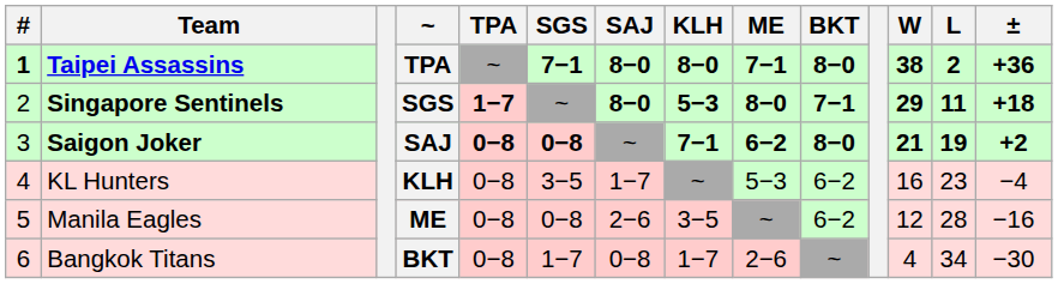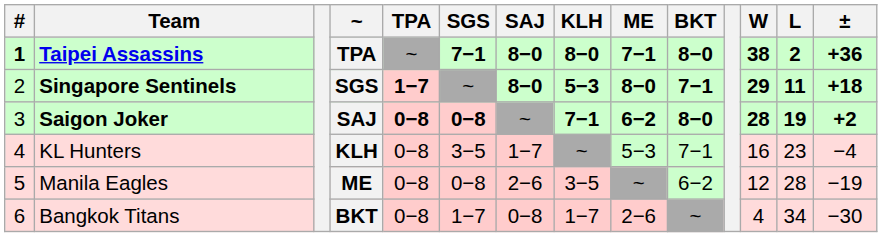 <table class="wikitable" style="font-size: 95%; text-align: center">
 <tr>
 <th width="15">#</th>
 <th style="width:200px;">Team</th>
 <th rowspan="7" style="width:5px;;"></th>
 <th>~</th>
 <th style="width:35px;" title="">TPA</th>
 <th style="width:35px;" title="">SGS</th>
 <th style="width:35px;" title="">SAJ</th>
 <th style="width:35px;" title="">KLH</th>
 <th style="width:35px;" title="">ME</th>
 <th style="width:35px;" title="">BKT</th>
 <th rowspan="7" style="width:5px;;"></th>
 <th style="width:20px;" title="Wins">W</th>
 <th style="width:20px;" title="Losses">L</th>
 <th style="width:40px;">±</th>
 </tr>
 <tr style="background:#cfc;">
 <td><strong>1</strong></td>
 <td style="text-align: left"> <strong><a href='#'>Taipei Assassins</a></strong></td>
 <th>TPA</th>
 <td style="background-color:#aaaaaa">~</td>
 <td style="background-color:#ccffcc"><strong>7−1</strong></td>
 <td style="background-color:#ccffcc"><strong>8−0</strong></td>
 <td style="background-color:#ccffcc"><strong>8−0</strong></td>
 <td style="background-color:#ccffcc"><strong>7−1</strong></td>
 <td style="background-color:#ccffcc"><strong>8−0</strong></td>
 <td><strong>38</strong></td>
 <td><strong>2</strong></td>
 <td><strong>+36</strong></td>
 </tr>
 <tr style="background:#cfc;">
 <td>2</td>
 <td style="text-align: left"> <strong>⁠Singapore Sentinels</strong></td>
 <th>SGS</th>
 <td style="background-color:#ffcccc"><strong>1−7</strong></td>
 <td style="background-color:#aaaaaa">~</td>
 <td style="background-color:#ccffcc"><strong>8−0</strong></td>
 <td style="background-color:#ccffcc"><strong>5−3</strong></td>
 <td style="background-color:#ccffcc"><strong>8−0</strong></td>
 <td style="background-color:#ccffcc"><strong>7−1</strong></td>
 <td><strong>29</strong></td>
 <td><strong>11</strong></td>
 <td><strong>+18</strong></td>
 </tr>
 <tr style="background:#cfc;">
 <td>3</td>
 <td style="text-align: left"> <strong>Saigon Joker</strong></td>
 <th>SAJ</th>
 <td style="background-color:#ffcccc"><strong>0−8</strong></td>
 <td style="background-color:#ffcccc"><strong>0−8</strong></td>
 <td style="background-color:#aaaaaa">~</td>
 <td style="background-color:#ccffcc"><strong>7−1</strong></td>
 <td style="background-color:#ccffcc"><strong>6−2</strong></td>
 <td style="background-color:#ccffcc"><strong>8−0</strong></td>
-<td><strong>21</strong></td>
+<td><strong>28</strong></td>
 <td><strong>19</strong></td>
 <td><strong>+2</strong></td>
 </tr>
 <tr style="background:#ffdbdb;">
 <td>4</td>
 <td style="text-align: left"> ⁠KL Hunters</td>
 <th>KLH</th>
 <td style="background-color:#ffcccc">0−8</td>
 <td style="background-color:#ffcccc">3−5</td>
 <td style="background-color:#ffcccc">1−7</td>
 <td style="background-color:#aaaaaa">~</td>
 <td style="background-color:#ccffcc">5−3</td>
-<td style="background-color:#ccffcc">6−2</td>
+<td style="background-color:#ccffcc">7−1</td>
 <td>16</td>
 <td>23</td>
 <td>−4</td>
 </tr>
 <tr style="background:#ffdbdb;">
 <td>5</td>
 <td style="text-align: left"> Manila Eagles</td>
 <th>ME</th>
 <td style="background-color:#ffcccc">0−8</td>
 <td style="background-color:#ffcccc">0−8</td>
 <td style="background-color:#ffcccc">2−6</td>
 <td style="background-color:#ffcccc">3−5</td>
 <td style="background-color:#aaaaaa">~</td>
 <td style="background-color:#ccffcc">6−2</td>
 <td>12</td>
 <td>28</td>
-<td>−16</td>
+<td>−19</td>
 </tr>
 <tr style="background:#ffdbdb;">
 <td>6</td>
 <td style="text-align: left"> ⁠Bangkok Titans</td>
 <th>BKT</th>
 <td style="background-color:#ffcccc">0−8</td>
 <td style="background-color:#ffcccc">1−7</td>
 <td style="background-color:#ffcccc">0−8</td>
 <td style="background-color:#ffcccc">1−7</td>
 <td style="background-color:#ffcccc">2−6</td>
 <td style="background-color:#aaaaaa">~</td>
 <td>4</td>
 <td>34</td>
 <td>−30</td>
 </tr>
 </table>
